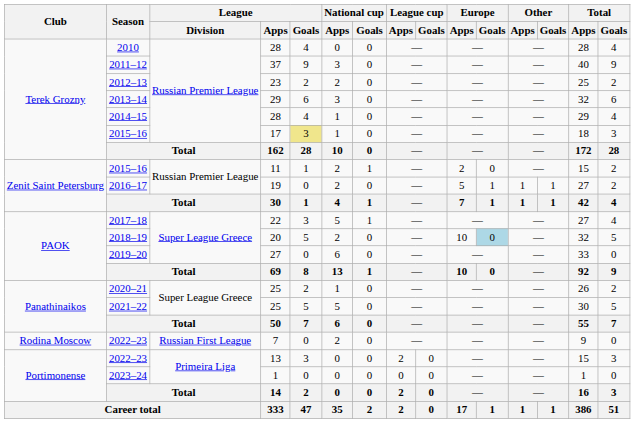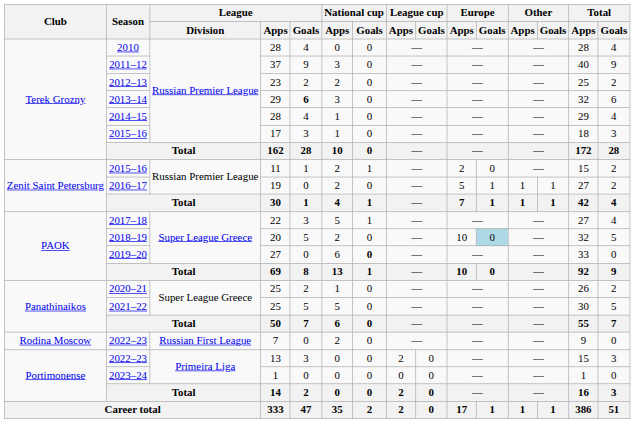 <table class="wikitable" style="text-align: center">
 <tr>
 <th rowspan="2">Club</th>
 <th rowspan="2">Season</th>
 <th colspan="3">League</th>
 <th colspan="2">National cup</th>
 <th colspan="2">League cup</th>
 <th colspan="2">Europe</th>
 <th colspan="2">Other</th>
 <th colspan="2">Total</th>
 </tr>
 <tr>
 <th>Division</th>
 <th>Apps</th>
 <th>Goals</th>
 <th>Apps</th>
 <th>Goals</th>
 <th>Apps</th>
 <th>Goals</th>
 <th>Apps</th>
 <th>Goals</th>
 <th>Apps</th>
 <th>Goals</th>
 <th>Apps</th>
 <th>Goals</th>
 </tr>
 <tr>
 <td rowspan="7"><a href='#'>Terek Grozny</a></td>
 <td><a href='#'>2010</a></td>
 <td rowspan="6"><a href='#'>Russian Premier League</a></td>
 <td>28</td>
 <td>4</td>
 <td>0</td>
 <td>0</td>
 <td colspan="2">—</td>
 <td colspan="2">—</td>
 <td colspan="2">—</td>
 <td>28</td>
 <td>4</td>
 </tr>
 <tr>
 <td><a href='#'>2011–12</a></td>
 <td>37</td>
 <td>9</td>
 <td>3</td>
 <td>0</td>
 <td colspan="2">—</td>
 <td colspan="2">—</td>
 <td colspan="2">—</td>
 <td>40</td>
 <td>9</td>
 </tr>
 <tr>
 <td><a href='#'>2012–13</a></td>
 <td>23</td>
 <td>2</td>
 <td>2</td>
 <td>0</td>
 <td colspan="2">—</td>
 <td colspan="2">—</td>
 <td colspan="2">—</td>
 <td>25</td>
 <td>2</td>
 </tr>
 <tr>
 <td><a href='#'>2013–14</a></td>
 <td>29</td>
-<td>6</td>
+<td><strong>6</strong></td>
 <td>3</td>
 <td>0</td>
 <td colspan="2">—</td>
 <td colspan="2">—</td>
 <td colspan="2">—</td>
 <td>32</td>
 <td>6</td>
 </tr>
 <tr>
 <td><a href='#'>2014–15</a></td>
 <td>28</td>
 <td>4</td>
 <td>1</td>
 <td>0</td>
 <td colspan="2">—</td>
 <td colspan="2">—</td>
 <td colspan="2">—</td>
 <td>29</td>
 <td>4</td>
 </tr>
 <tr>
 <td><a href='#'>2015–16</a></td>
 <td>17</td>
-<td style="background: khaki;">3</td>
+<td>3</td>
 <td>1</td>
 <td>0</td>
 <td colspan="2">—</td>
 <td colspan="2">—</td>
 <td colspan="2">—</td>
 <td>18</td>
 <td>3</td>
 </tr>
 <tr>
 <th colspan="2">Total</th>
 <th>162</th>
 <th>28</th>
 <th>10</th>
 <th>0</th>
 <th colspan="2">—</th>
 <th colspan="2">—</th>
 <th colspan="2">—</th>
 <th>172</th>
 <th>28</th>
 </tr>
 <tr>
 <td rowspan="3"><a href='#'>Zenit Saint Petersburg</a></td>
 <td><a href='#'>2015–16</a></td>
 <td rowspan="2">Russian Premier League</td>
 <td>11</td>
 <td>1</td>
 <td>2</td>
 <td>1</td>
 <td colspan="2">—</td>
 <td>2</td>
 <td>0</td>
 <td colspan="2">—</td>
 <td>15</td>
 <td>2</td>
 </tr>
 <tr>
 <td><a href='#'>2016–17</a></td>
 <td>19</td>
 <td>0</td>
 <td>2</td>
 <td>0</td>
 <td colspan="2">—</td>
 <td>5</td>
 <td>1</td>
 <td>1</td>
 <td>1</td>
 <td>27</td>
 <td>2</td>
 </tr>
 <tr>
 <th colspan="2">Total</th>
 <th>30</th>
 <th>1</th>
 <th>4</th>
 <th>1</th>
 <th colspan="2">—</th>
 <th>7</th>
 <th>1</th>
 <th>1</th>
 <th>1</th>
 <th>42</th>
 <th>4</th>
 </tr>
 <tr>
 <td rowspan="4"><a href='#'>PAOK</a></td>
 <td><a href='#'>2017–18</a></td>
 <td rowspan="3"><a href='#'>Super League Greece</a></td>
 <td>22</td>
 <td>3</td>
 <td>5</td>
 <td>1</td>
 <td colspan="2">—</td>
 <td colspan="2">—</td>
 <td colspan="2">—</td>
 <td>27</td>
 <td>4</td>
 </tr>
 <tr>
 <td><a href='#'>2018–19</a></td>
 <td>20</td>
 <td>5</td>
 <td>2</td>
 <td>0</td>
 <td colspan="2">—</td>
 <td>10</td>
 <td style="background: lightblue;">0</td>
 <td colspan="2">—</td>
 <td>32</td>
 <td>5</td>
 </tr>
 <tr>
 <td><a href='#'>2019–20</a></td>
 <td>27</td>
 <td>0</td>
 <td>6</td>
-<td>0</td>
+<td><strong>0</strong></td>
 <td colspan="2">—</td>
 <td colspan="2">—</td>
 <td colspan="2">—</td>
 <td>33</td>
 <td>0</td>
 </tr>
 <tr>
 <th colspan="2">Total</th>
 <th>69</th>
 <th>8</th>
 <th>13</th>
 <th>1</th>
 <th colspan="2">—</th>
 <th>10</th>
 <th>0</th>
 <th colspan="2">—</th>
 <th>92</th>
 <th>9</th>
 </tr>
 <tr>
 <td rowspan="3"><a href='#'>Panathinaikos</a></td>
 <td><a href='#'>2020–21</a></td>
 <td rowspan="2">Super League Greece</td>
 <td>25</td>
 <td>2</td>
 <td>1</td>
 <td>0</td>
 <td colspan="2">—</td>
 <td colspan="2">—</td>
 <td colspan="2">—</td>
 <td>26</td>
 <td>2</td>
 </tr>
 <tr>
 <td><a href='#'>2021–22</a></td>
 <td>25</td>
 <td>5</td>
 <td>5</td>
 <td>0</td>
 <td colspan="2">—</td>
 <td colspan="2">—</td>
 <td colspan="2">—</td>
 <td>30</td>
 <td>5</td>
 </tr>
 <tr>
 <th colspan="2">Total</th>
 <th>50</th>
 <th>7</th>
 <th>6</th>
 <th>0</th>
 <th colspan="2">—</th>
 <th colspan="2">—</th>
 <th colspan="2">—</th>
 <th>55</th>
 <th>7</th>
 </tr>
 <tr>
 <td><a href='#'>Rodina Moscow</a></td>
 <td><a href='#'>2022–23</a></td>
 <td><a href='#'>Russian First League</a></td>
 <td>7</td>
 <td>0</td>
 <td>2</td>
 <td>0</td>
 <td colspan="2">—</td>
 <td colspan="2">—</td>
 <td colspan="2">—</td>
 <td>9</td>
 <td>0</td>
 </tr>
 <tr>
 <td rowspan="3"><a href='#'>Portimonense</a></td>
 <td><a href='#'>2022–23</a></td>
 <td rowspan="2"><a href='#'>Primeira Liga</a></td>
 <td>13</td>
 <td>3</td>
 <td>0</td>
 <td>0</td>
 <td>2</td>
 <td>0</td>
 <td colspan="2">—</td>
 <td colspan="2">—</td>
 <td>15</td>
 <td>3</td>
 </tr>
 <tr>
 <td><a href='#'>2023–24</a></td>
 <td>1</td>
 <td>0</td>
 <td>0</td>
 <td>0</td>
 <td>0</td>
 <td>0</td>
 <td colspan="2">—</td>
 <td colspan="2">—</td>
 <td>1</td>
 <td>0</td>
 </tr>
 <tr>
 <th colspan="2">Total</th>
 <th>14</th>
 <th>2</th>
 <th>0</th>
 <th>0</th>
 <th>2</th>
 <th>0</th>
 <th colspan="2">—</th>
 <th colspan="2">—</th>
 <th>16</th>
 <th>3</th>
 </tr>
 <tr>
 <th colspan="3">Career total</th>
 <th>333</th>
 <th>47</th>
 <th>35</th>
 <th>2</th>
 <th>2</th>
 <th>0</th>
 <th>17</th>
 <th>1</th>
 <th>1</th>
 <th>1</th>
 <th>386</th>
 <th>51</th>
 </tr>
 </table>
